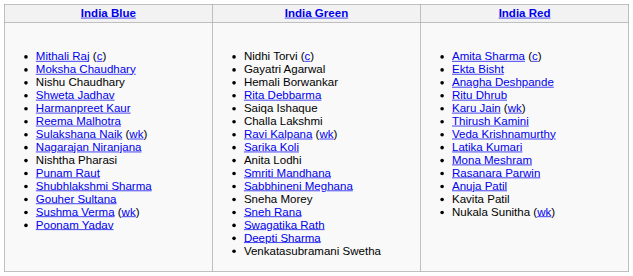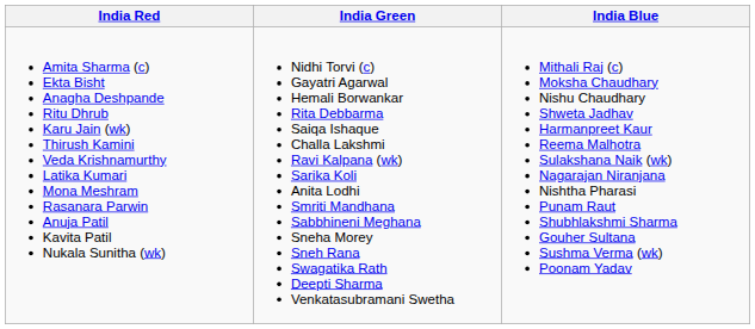 <table class="wikitable">
 <tr>
+<th style="width:25%;"><a href='#'>India Red</a></th>
+<th style="width:25%;"><a href='#'>India Green</a></th>
 <th style="width:25%;"><a href='#'>India Blue</a></th>
-<th style="width:25%;"><a href='#'>India Green</a></th>
-<th style="width:25%;"><a href='#'>India Red</a></th>
 </tr>
 <tr style="vertical-align:top">
+<td><br><ul><li><a href='#'>Amita Sharma</a> (<a href='#'>c</a>)</li><li><a href='#'>Ekta Bisht</a></li><li><a href='#'>Anagha Deshpande</a></li><li><a href='#'>Ritu Dhrub</a></li><li><a href='#'>Karu Jain</a> (<a href='#'>wk</a>)</li><li><a href='#'>Thirush Kamini</a></li><li><a href='#'>Veda Krishnamurthy</a></li><li><a href='#'>Latika Kumari</a></li><li><a href='#'>Mona Meshram</a></li><li><a href='#'>Rasanara Parwin</a></li><li><a href='#'>Anuja Patil</a></li><li>Kavita Patil</li><li>Nukala Sunitha (<a href='#'>wk</a>)</li></ul></td>
+<td><br><ul><li>Nidhi Torvi (<a href='#'>c</a>)</li><li>Gayatri Agarwal</li><li>Hemali Borwankar</li><li><a href='#'>Rita Debbarma</a></li><li>Saiqa Ishaque</li><li>Challa Lakshmi</li><li><a href='#'>Ravi Kalpana</a> (<a href='#'>wk</a>)</li><li><a href='#'>Sarika Koli</a></li><li>Anita Lodhi</li><li><a href='#'>Smriti Mandhana</a></li><li><a href='#'>Sabbhineni Meghana</a></li><li>Sneha Morey</li><li><a href='#'>Sneh Rana</a></li><li><a href='#'>Swagatika Rath</a></li><li><a href='#'>Deepti Sharma</a></li><li>Venkatasubramani Swetha</li></ul></td>
 <td><br><ul><li><a href='#'>Mithali Raj</a> (<a href='#'>c</a>)</li><li><a href='#'>Moksha Chaudhary</a></li><li>Nishu Chaudhary</li><li><a href='#'>Shweta Jadhav</a></li><li><a href='#'>Harmanpreet Kaur</a></li><li><a href='#'>Reema Malhotra</a></li><li><a href='#'>Sulakshana Naik</a> (<a href='#'>wk</a>)</li><li><a href='#'>Nagarajan Niranjana</a></li><li>Nishtha Pharasi</li><li><a href='#'>Punam Raut</a></li><li><a href='#'>Shubhlakshmi Sharma</a></li><li><a href='#'>Gouher Sultana</a></li><li><a href='#'>Sushma Verma</a> (<a href='#'>wk</a>)</li><li><a href='#'>Poonam Yadav</a></li></ul></td>
-<td><br><ul><li>Nidhi Torvi (<a href='#'>c</a>)</li><li>Gayatri Agarwal</li><li>Hemali Borwankar</li><li><a href='#'>Rita Debbarma</a></li><li>Saiqa Ishaque</li><li>Challa Lakshmi</li><li><a href='#'>Ravi Kalpana</a> (<a href='#'>wk</a>)</li><li><a href='#'>Sarika Koli</a></li><li>Anita Lodhi</li><li><a href='#'>Smriti Mandhana</a></li><li><a href='#'>Sabbhineni Meghana</a></li><li>Sneha Morey</li><li><a href='#'>Sneh Rana</a></li><li><a href='#'>Swagatika Rath</a></li><li><a href='#'>Deepti Sharma</a></li><li>Venkatasubramani Swetha</li></ul></td>
-<td><br><ul><li><a href='#'>Amita Sharma</a> (<a href='#'>c</a>)</li><li><a href='#'>Ekta Bisht</a></li><li><a href='#'>Anagha Deshpande</a></li><li><a href='#'>Ritu Dhrub</a></li><li><a href='#'>Karu Jain</a> (<a href='#'>wk</a>)</li><li><a href='#'>Thirush Kamini</a></li><li><a href='#'>Veda Krishnamurthy</a></li><li><a href='#'>Latika Kumari</a></li><li><a href='#'>Mona Meshram</a></li><li><a href='#'>Rasanara Parwin</a></li><li><a href='#'>Anuja Patil</a></li><li>Kavita Patil</li><li>Nukala Sunitha (<a href='#'>wk</a>)</li></ul></td>
 </tr>
 </table>
